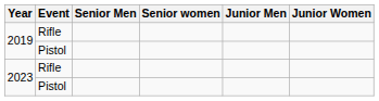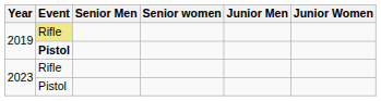 <table class="wikitable">
 <tr>
 <th>Year</th>
 <th>Event</th>
 <th>Senior Men</th>
 <th>Senior women</th>
 <th>Junior Men</th>
 <th>Junior Women</th>
 </tr>
 <tr>
 <td rowspan=2>2019</td>
-<td>Rifle</td>
+<td style="background: khaki;">Rifle</td>
 <td></td>
 <td></td>
 <td></td>
 <td></td>
 </tr>
 <tr>
-<td>Pistol</td>
+<td><strong>Pistol</strong></td>
 <td></td>
 <td></td>
 <td></td>
 <td></td>
 </tr>
 <tr>
 <td rowspan=2>2023</td>
 <td>Rifle</td>
 <td></td>
 <td></td>
 <td></td>
 <td></td>
 </tr>
 <tr>
 <td>Pistol</td>
 <td></td>
 <td></td>
 <td></td>
 <td></td>
 </tr>
 </table>
